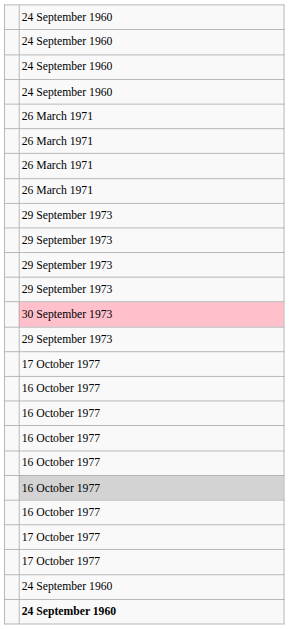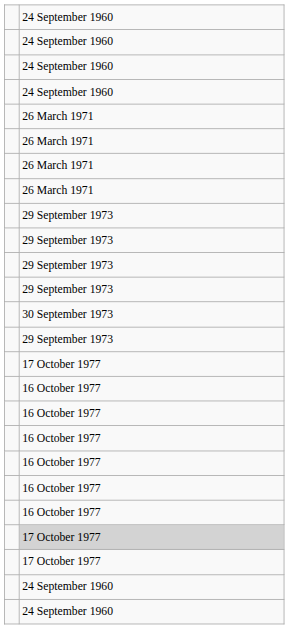 <table class="wikitable" style="font-size: 89%; float: left; width: 24em; margin-right: 1em; line-height: 1.65em">
 <tr>
 <td></td>
 <td>24 September 1960</td>
 </tr>
 <tr>
 <td></td>
 <td>24 September 1960</td>
 </tr>
 <tr>
 <td></td>
 <td>24 September 1960</td>
 </tr>
 <tr>
 <td></td>
 <td>24 September 1960</td>
 </tr>
 <tr>
 <td></td>
 <td>26 March 1971</td>
 </tr>
 <tr>
 <td></td>
 <td>26 March 1971</td>
 </tr>
 <tr>
 <td></td>
 <td>26 March 1971</td>
 </tr>
 <tr>
 <td></td>
 <td>26 March 1971</td>
 </tr>
 <tr>
 <td></td>
 <td>29 September 1973</td>
 </tr>
 <tr>
 <td></td>
 <td>29 September 1973</td>
 </tr>
 <tr>
 <td></td>
 <td>29 September 1973</td>
 </tr>
 <tr>
 <td></td>
 <td>29 September 1973</td>
 </tr>
 <tr>
 <td></td>
-<td style="background: pink;">30 September 1973</td>
+<td>30 September 1973</td>
 </tr>
 <tr>
 <td></td>
 <td>29 September 1973</td>
 </tr>
 <tr>
 <td></td>
 <td>17 October 1977</td>
 </tr>
 <tr>
 <td></td>
 <td>16 October 1977</td>
 </tr>
 <tr>
 <td></td>
 <td>16 October 1977</td>
 </tr>
 <tr>
 <td></td>
 <td>16 October 1977</td>
 </tr>
 <tr>
 <td></td>
 <td>16 October 1977</td>
 </tr>
 <tr>
 <td></td>
-<td style="background: lightgrey;">16 October 1977</td>
+<td>16 October 1977</td>
 </tr>
 <tr>
 <td></td>
 <td>16 October 1977</td>
 </tr>
 <tr>
 <td></td>
-<td>17 October 1977</td>
+<td style="background: lightgrey;">17 October 1977</td>
 </tr>
 <tr>
 <td></td>
 <td>17 October 1977</td>
 </tr>
 <tr>
 <td></td>
 <td>24 September 1960</td>
 </tr>
 <tr>
 <td></td>
-<td><strong>24 September 1960</strong></td>
+<td>24 September 1960</td>
 </tr>
 </table>
